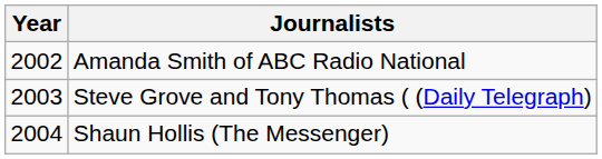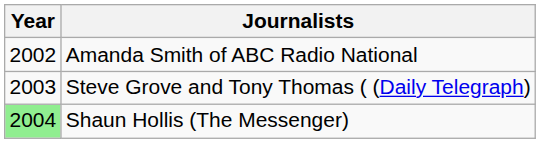 <table class="wikitable">
 <tr>
 <th>Year</th>
 <th>Journalists</th>
 </tr>
 <tr>
 <td>2002</td>
 <td>Amanda Smith of ABC Radio National</td>
 </tr>
 <tr>
 <td>2003</td>
 <td>Steve Grove and Tony Thomas ( (<a href='#'>Daily Telegraph</a>)</td>
 </tr>
 <tr>
-<td>2004</td>
+<td style="background: lightgreen;">2004</td>
 <td>Shaun Hollis (The Messenger)</td>
 </tr>
 </table>
